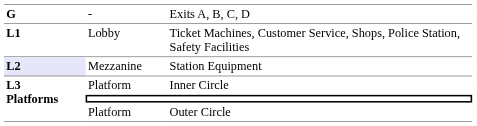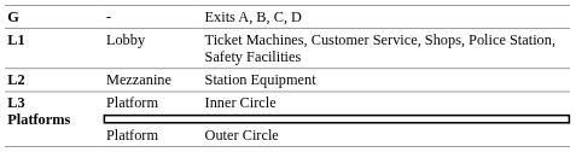 <table table border=0 cellspacing=0 cellpadding=3>
 <tr>
 <td style="border-top:solid 1px gray;" width=50 valign=top><strong>G</strong></td>
 <td style="border-top:solid 1px gray;" width=100 valign=top>-</td>
 <td style="border-top:solid 1px gray;" width=390 valign=top>Exits A, B, C, D</td>
 </tr>
 <tr>
 <td style="border-bottom:solid 1px gray; border-top:solid 1px gray;" valign=top width=100><strong>L1</strong></td>
 <td style="border-bottom:solid 1px gray; border-top:solid 1px gray;" valign=top width=100>Lobby</td>
 <td style="border-bottom:solid 1px gray; border-top:solid 1px gray;" valign=top width=390>Ticket Machines, Customer Service, Shops, Police Station, Safety Facilities</td>
 </tr>
 <tr>
-<td style="background: lavender; border-bottom:solid 1px gray;" valign=top><strong>L2</strong></td>
+<td style="border-bottom:solid 1px gray;" valign=top><strong>L2</strong></td>
 <td style="border-bottom:solid 1px gray;" valign=top>Mezzanine</td>
 <td style="border-bottom:solid 1px gray;" valign=top>Station Equipment</td>
 </tr>
 <tr>
 <td style="border-bottom:solid 1px gray;" rowspan=3 valign=top><strong>L3<br>Platforms</strong></td>
 <td>Platform </td>
 <td>  Inner Circle </td>
 </tr>
 <tr>
 <td style="border-right:solid 2px black;border-left:solid 2px black;border-top:solid 2px black;border-bottom:solid 2px black;text-align:center;" colspan=2></td>
 </tr>
 <tr>
 <td style="border-bottom:solid 1px gray;">Platform </td>
 <td style="border-bottom:solid 1px gray;"> Outer Circle  </td>
 </tr>
 <tr>
 </tr>
 </table>
